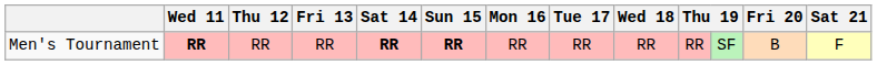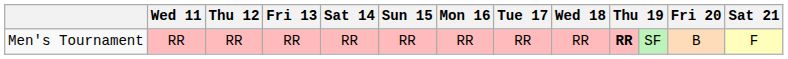 <table class="wikitable" style="margin:0.5em auto; font-size:90%; line-height:1.25em;text-align:center">
 <tr>
 <th></th>
 <th>Wed 11</th>
 <th>Thu 12</th>
 <th>Fri 13</th>
 <th>Sat 14</th>
 <th>Sun 15</th>
 <th>Mon 16</th>
 <th>Tue 17</th>
 <th>Wed 18</th>
 <th colspan="2">Thu 19</th>
 <th>Fri 20</th>
 <th>Sat 21</th>
 </tr>
 <tr>
 <td align="left">Men's Tournament</td>
-<td style="background-color:#FFBBBB"><strong>RR</strong></td>
-<td style="background-color:#FFBBBB">RR</td>
-<td style="background-color:#FFBBBB">RR</td>
-<td style="background-color:#FFBBBB"><strong>RR</strong></td>
-<td style="background-color:#FFBBBB"><strong>RR</strong></td>
 <td style="background-color:#FFBBBB">RR</td>
 <td style="background-color:#FFBBBB">RR</td>
 <td style="background-color:#FFBBBB">RR</td>
 <td style="background-color:#FFBBBB">RR</td>
+<td style="background-color:#FFBBBB">RR</td>
+<td style="background-color:#FFBBBB">RR</td>
+<td style="background-color:#FFBBBB">RR</td>
+<td style="background-color:#FFBBBB">RR</td>
+<td style="background-color:#FFBBBB"><strong>RR</strong></td>
 <td style="background-color:#BBF3BB">SF</td>
 <td style="background-color:#FEDCBA">B</td>
 <td style="background-color:#FFFFBB">F</td>
 </tr>
 </table>
